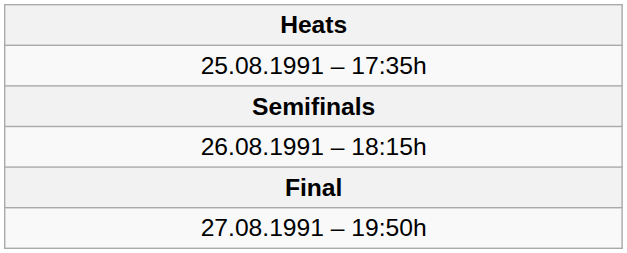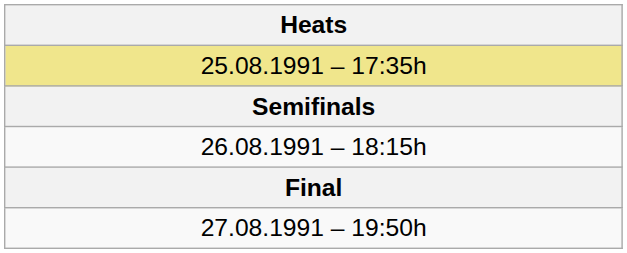 <table class="wikitable" style=" text-align:center; font-size:110%;" width="35%">
 <tr>
 <th>Heats</th>
 </tr>
 <tr>
-<td>25.08.1991 – 17:35h</td>
+<td style="background: khaki;">25.08.1991 – 17:35h</td>
 </tr>
 <tr>
 <th>Semifinals</th>
 </tr>
 <tr>
 <td>26.08.1991 – 18:15h</td>
 </tr>
 <tr>
 <th>Final</th>
 </tr>
 <tr>
 <td>27.08.1991 – 19:50h</td>
 </tr>
 </table>
